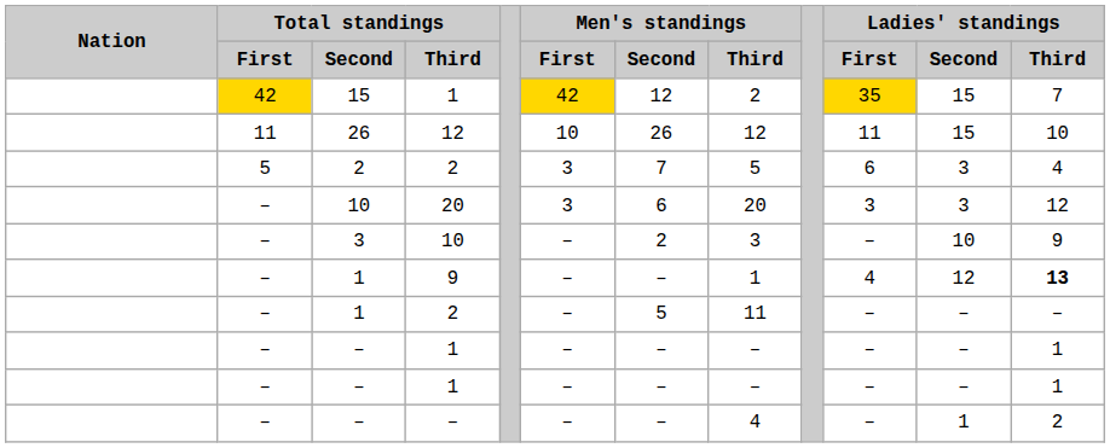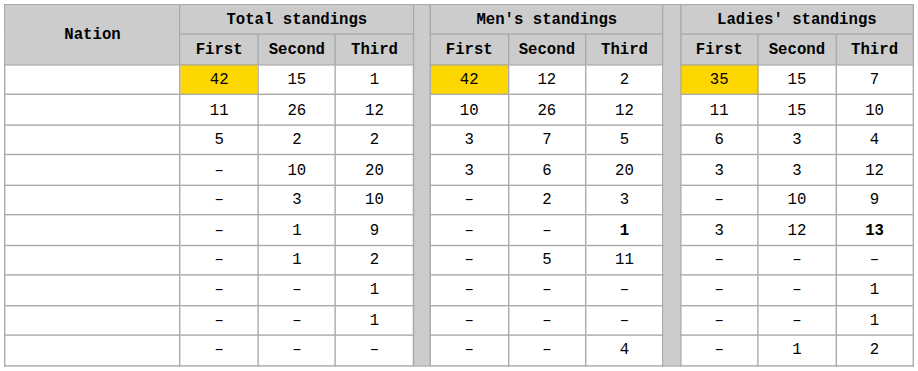 <table class="wikitable plainrowheaders" style="background:#fff; font-size:86%; line-height:16px; border:grey solid 1px; border-collapse:collapse;">
 <tr>
 <th style="background-color: #ccc;" rowspan="2" width="120">Nation</th>
 <th style="background-color: #ccc;" colspan="3" width="150">Total standings</th>
 <th style="background-color: #ccc;" rowspan="12" width="2"> </th>
 <th style="background-color: #ccc;" colspan="3" width="150">Men's standings</th>
 <th style="background-color: #ccc;" rowspan="12" width="2"> </th>
 <th style="background-color: #ccc;" colspan="3" width="150">Ladies' standings</th>
 </tr>
 <tr style="background:#ccc; text-align:center;">
 <th style="background-color: #ccc;" width="50">First</th>
 <th style="background-color: #ccc;" width="50">Second</th>
 <th style="background-color: #ccc;" width="50">Third</th>
 <th style="background-color: #ccc;" width="50">First</th>
 <th style="background-color: #ccc;" width="50">Second</th>
 <th style="background-color: #ccc;" width="50">Third</th>
 <th style="background-color: #ccc;" width="50">First</th>
 <th style="background-color: #ccc;" width="50">Second</th>
 <th style="background-color: #ccc;" width="50">Third</th>
 </tr>
 <tr align=center>
 <td align=left></td>
 <td style="background:gold;">42</td>
 <td>15</td>
 <td>1</td>
 <td style="background:gold;">42</td>
 <td>12</td>
 <td>2</td>
 <td style="background:gold;">35</td>
 <td>15</td>
 <td>7</td>
 </tr>
 <tr align=center>
 <td align=left> </td>
 <td>11</td>
 <td>26</td>
 <td>12</td>
 <td>10</td>
 <td>26</td>
 <td>12</td>
 <td>11</td>
 <td>15</td>
 <td>10</td>
 </tr>
 <tr align=center>
 <td align=left></td>
 <td>5</td>
 <td>2</td>
 <td>2</td>
 <td>3</td>
 <td>7</td>
 <td>5</td>
 <td>6</td>
 <td>3</td>
 <td>4</td>
 </tr>
 <tr align=center>
 <td align=left></td>
 <td>–</td>
 <td>10</td>
 <td>20</td>
 <td>3</td>
 <td>6</td>
 <td>20</td>
 <td>3</td>
 <td>3</td>
 <td>12</td>
 </tr>
 <tr align=center>
 <td align=left></td>
 <td>–</td>
 <td>3</td>
 <td>10</td>
 <td>–</td>
 <td>2</td>
 <td>3</td>
 <td>–</td>
 <td>10</td>
 <td>9</td>
 </tr>
 <tr align=center>
 <td align=left></td>
 <td>–</td>
 <td>1</td>
 <td>9</td>
 <td>–</td>
 <td>–</td>
-<td>1</td>
-<td>4</td>
+<td><strong>1</strong></td>
+<td>3</td>
 <td>12</td>
 <td><strong>13</strong></td>
 </tr>
 <tr align=center>
 <td align=left></td>
 <td>–</td>
 <td>1</td>
 <td>2</td>
 <td>–</td>
 <td>5</td>
 <td>11</td>
 <td>–</td>
 <td>–</td>
 <td>–</td>
 </tr>
 <tr align=center>
 <td align=left></td>
 <td>–</td>
 <td>–</td>
 <td>1</td>
 <td>–</td>
 <td>–</td>
 <td>–</td>
 <td>–</td>
 <td>–</td>
 <td>1</td>
 </tr>
 <tr align=center>
 <td align=left></td>
 <td>–</td>
 <td>–</td>
 <td>1</td>
 <td>–</td>
 <td>–</td>
 <td>–</td>
 <td>–</td>
 <td>–</td>
 <td>1</td>
 </tr>
 <tr align=center>
 <td align=left></td>
 <td>–</td>
 <td>–</td>
 <td>–</td>
 <td>–</td>
 <td>–</td>
 <td>4</td>
 <td>–</td>
 <td>1</td>
 <td>2</td>
 </tr>
 </table>
